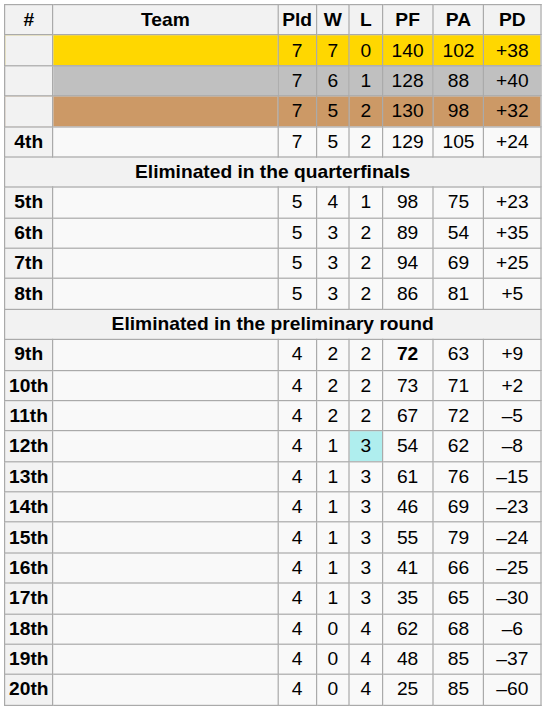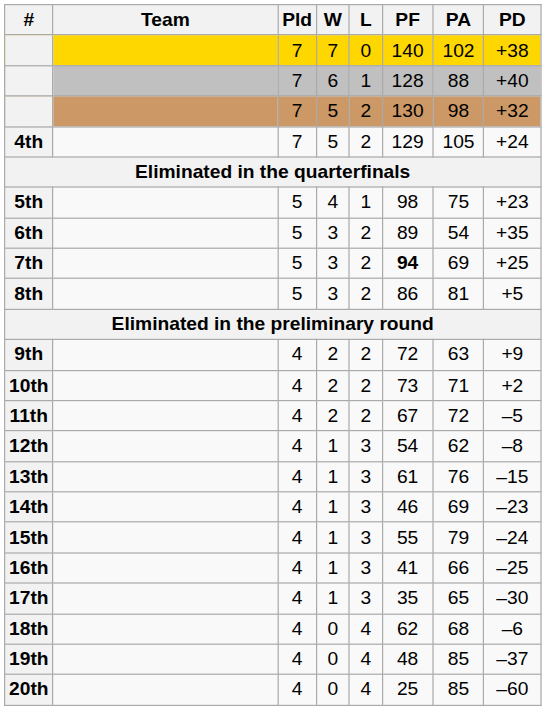 <table class=wikitable style="text-align:center;">
 <tr>
 <th>#</th>
 <th width=180px>Team</th>
 <th width=20px>Pld</th>
 <th width=20px>W</th>
 <th width=20px>L</th>
 <th width=35px>PF</th>
 <th width=35px>PA</th>
 <th width=40px>PD</th>
 </tr>
 <tr bgcolor=gold>
 <th></th>
 <td align=left></td>
 <td>7</td>
 <td>7</td>
 <td>0</td>
 <td>140</td>
 <td>102</td>
 <td>+38</td>
 </tr>
 <tr bgcolor=silver>
 <th></th>
 <td align=left></td>
 <td>7</td>
 <td>6</td>
 <td>1</td>
 <td>128</td>
 <td>88</td>
 <td>+40</td>
 </tr>
 <tr bgcolor=cc9966>
 <th></th>
 <td align=left></td>
 <td>7</td>
 <td>5</td>
 <td>2</td>
 <td>130</td>
 <td>98</td>
 <td>+32</td>
 </tr>
 <tr>
 <th>4th</th>
 <td align=left></td>
 <td>7</td>
 <td>5</td>
 <td>2</td>
 <td>129</td>
 <td>105</td>
 <td>+24</td>
 </tr>
 <tr>
 <th colspan=8>Eliminated in the quarterfinals</th>
 </tr>
 <tr>
 <th>5th</th>
 <td align=left></td>
 <td>5</td>
 <td>4</td>
 <td>1</td>
 <td>98</td>
 <td>75</td>
 <td>+23</td>
 </tr>
 <tr>
 <th>6th</th>
 <td align=left></td>
 <td>5</td>
 <td>3</td>
 <td>2</td>
 <td>89</td>
 <td>54</td>
 <td>+35</td>
 </tr>
 <tr>
 <th>7th</th>
 <td align=left></td>
 <td>5</td>
 <td>3</td>
 <td>2</td>
-<td>94</td>
+<td><strong>94</strong></td>
 <td>69</td>
 <td>+25</td>
 </tr>
 <tr>
 <th>8th</th>
 <td align=left></td>
 <td>5</td>
 <td>3</td>
 <td>2</td>
 <td>86</td>
 <td>81</td>
 <td>+5</td>
 </tr>
 <tr>
 <th colspan=8>Eliminated in the preliminary round</th>
 </tr>
 <tr>
 <th>9th</th>
 <td align=left></td>
 <td>4</td>
 <td>2</td>
 <td>2</td>
-<td><strong>72</strong></td>
+<td>72</td>
 <td>63</td>
 <td>+9</td>
 </tr>
 <tr>
 <th>10th</th>
 <td align=left></td>
 <td>4</td>
 <td>2</td>
 <td>2</td>
 <td>73</td>
 <td>71</td>
 <td>+2</td>
 </tr>
 <tr>
 <th>11th</th>
 <td align=left></td>
 <td>4</td>
 <td>2</td>
 <td>2</td>
 <td>67</td>
 <td>72</td>
 <td>–5</td>
 </tr>
 <tr>
 <th>12th</th>
 <td align=left></td>
 <td>4</td>
 <td>1</td>
-<td style="background: paleturquoise;">3</td>
+<td>3</td>
 <td>54</td>
 <td>62</td>
 <td>–8</td>
 </tr>
 <tr>
 <th>13th</th>
 <td align=left></td>
 <td>4</td>
 <td>1</td>
 <td>3</td>
 <td>61</td>
 <td>76</td>
 <td>–15</td>
 </tr>
 <tr>
 <th>14th</th>
 <td align=left></td>
 <td>4</td>
 <td>1</td>
 <td>3</td>
 <td>46</td>
 <td>69</td>
 <td>–23</td>
 </tr>
 <tr>
 <th>15th</th>
 <td align=left></td>
 <td>4</td>
 <td>1</td>
 <td>3</td>
 <td>55</td>
 <td>79</td>
 <td>–24</td>
 </tr>
 <tr>
 <th>16th</th>
 <td align=left></td>
 <td>4</td>
 <td>1</td>
 <td>3</td>
 <td>41</td>
 <td>66</td>
 <td>–25</td>
 </tr>
 <tr>
 <th>17th</th>
 <td align=left></td>
 <td>4</td>
 <td>1</td>
 <td>3</td>
 <td>35</td>
 <td>65</td>
 <td>–30</td>
 </tr>
 <tr>
 <th>18th</th>
 <td align=left></td>
 <td>4</td>
 <td>0</td>
 <td>4</td>
 <td>62</td>
 <td>68</td>
 <td>–6</td>
 </tr>
 <tr>
 <th>19th</th>
 <td align=left></td>
 <td>4</td>
 <td>0</td>
 <td>4</td>
 <td>48</td>
 <td>85</td>
 <td>–37</td>
 </tr>
 <tr>
 <th>20th</th>
 <td align=left></td>
 <td>4</td>
 <td>0</td>
 <td>4</td>
 <td>25</td>
 <td>85</td>
 <td>–60</td>
 </tr>
 </table>
